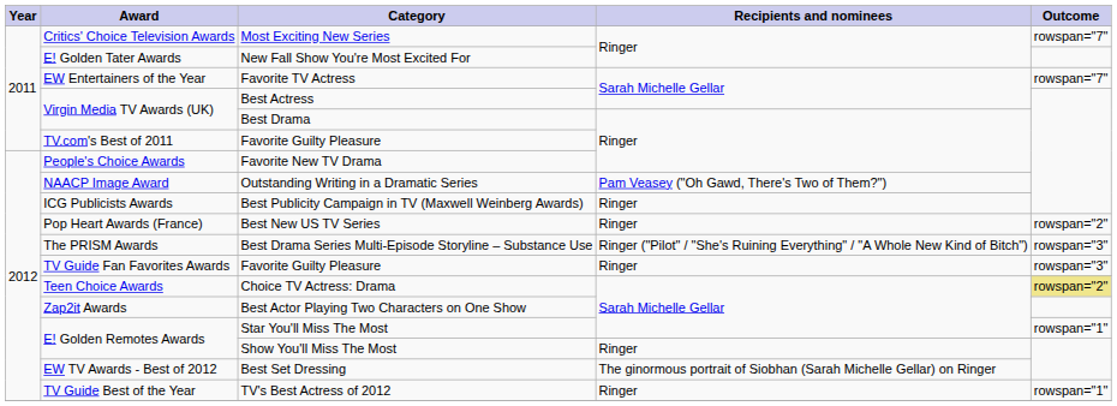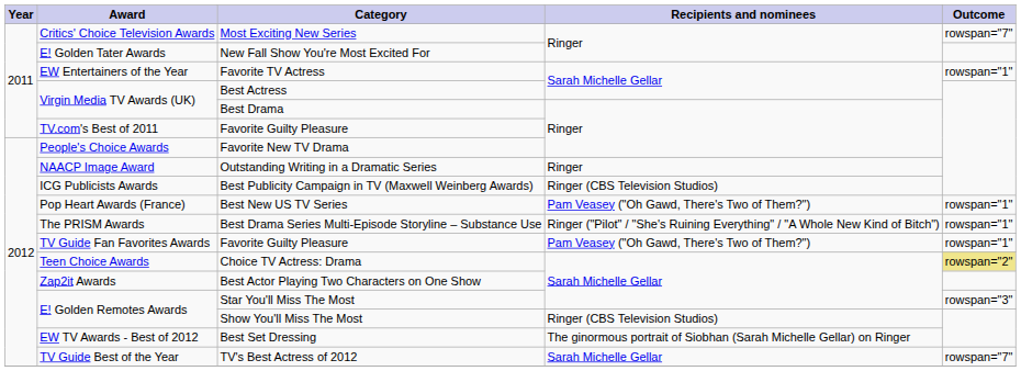 <table class="wikitable" style="font-size: 95%;">
 <tr style="text-align:center;">
 <th style="background:#cce;">Year</th>
 <th style="background:#cce;">Award</th>
 <th style="background:#cce;">Category</th>
 <th style="background:#cce;">Recipients and nominees</th>
 <th style="background:#cce;">Outcome</th>
 </tr>
 <tr>
 <td rowspan="6">2011</td>
 <td><a href='#'>Critics' Choice Television Awards</a></td>
 <td><a href='#'>Most Exciting New Series</a></td>
 <td rowspan="2">Ringer</td>
 <td>rowspan="7" </td>
 </tr>
 <tr>
 <td><a href='#'>E!</a> Golden Tater Awards</td>
 <td>New Fall Show You're Most Excited For</td>
 </tr>
 <tr>
 <td><a href='#'>EW</a> Entertainers of the Year</td>
 <td>Favorite TV Actress</td>
 <td rowspan="2"><a href='#'>Sarah Michelle Gellar</a></td>
-<td>rowspan="7" </td>
+<td>rowspan="1" </td>
 </tr>
 <tr>
 <td rowspan="2"><a href='#'>Virgin Media</a> TV Awards (UK)</td>
 <td>Best Actress</td>
 </tr>
 <tr>
 <td>Best Drama</td>
 <td rowspan="3">Ringer</td>
 </tr>
 <tr>
 <td><a href='#'>TV.com</a>'s Best of 2011</td>
 <td>Favorite Guilty Pleasure</td>
 </tr>
 <tr>
 <td rowspan="12">2012</td>
 <td><a href='#'>People's Choice Awards</a></td>
 <td>Favorite New TV Drama</td>
 </tr>
 <tr>
 <td><a href='#'>NAACP Image Award</a></td>
 <td>Outstanding Writing in a Dramatic Series</td>
-<td><a href='#'>Pam Veasey</a> ("Oh Gawd, There's Two of Them?")</td>
+<td>Ringer</td>
 </tr>
 <tr>
 <td>ICG Publicists Awards</td>
 <td>Best Publicity Campaign in TV (Maxwell Weinberg Awards)</td>
-<td>Ringer</td>
+<td>Ringer (CBS Television Studios)</td>
 </tr>
 <tr>
 <td>Pop Heart Awards (France)</td>
 <td>Best New US TV Series</td>
-<td>Ringer</td>
-<td>rowspan="2" </td>
+<td><a href='#'>Pam Veasey</a> ("Oh Gawd, There's Two of Them?")</td>
+<td>rowspan="1" </td>
 </tr>
 <tr>
 <td>The PRISM Awards</td>
 <td>Best Drama Series Multi-Episode Storyline – Substance Use</td>
 <td>Ringer ("Pilot" / "She's Ruining Everything" / "A Whole New Kind of Bitch")</td>
-<td>rowspan="3" </td>
+<td>rowspan="1" </td>
 </tr>
 <tr>
 <td><a href='#'>TV Guide</a> Fan Favorites Awards</td>
 <td>Favorite Guilty Pleasure</td>
-<td>Ringer</td>
-<td>rowspan="3" </td>
+<td><a href='#'>Pam Veasey</a> ("Oh Gawd, There's Two of Them?")</td>
+<td>rowspan="1" </td>
 </tr>
 <tr>
 <td><a href='#'>Teen Choice Awards</a></td>
 <td>Choice TV Actress: Drama</td>
 <td rowspan="3"><a href='#'>Sarah Michelle Gellar</a></td>
 <td style="background: khaki;">rowspan="2" </td>
 </tr>
 <tr>
 <td><a href='#'>Zap2it</a> Awards</td>
 <td>Best Actor Playing Two Characters on One Show</td>
 </tr>
 <tr>
 <td rowspan="2"><a href='#'>E!</a> Golden Remotes Awards</td>
 <td>Star You'll Miss The Most</td>
-<td>rowspan="1" </td>
+<td>rowspan="3" </td>
 </tr>
 <tr>
 <td>Show You'll Miss The Most</td>
-<td>Ringer</td>
+<td>Ringer (CBS Television Studios)</td>
 </tr>
 <tr>
 <td><a href='#'>EW</a> TV Awards - Best of 2012</td>
 <td>Best Set Dressing</td>
 <td>The ginormous portrait of Siobhan (Sarah Michelle Gellar) on Ringer</td>
 </tr>
 <tr>
 <td><a href='#'>TV Guide</a> Best of the Year</td>
 <td>TV's Best Actress of 2012</td>
-<td>Ringer</td>
-<td>rowspan="1" </td>
+<td><a href='#'>Sarah Michelle Gellar</a></td>
+<td>rowspan="7" </td>
 </tr>
 <tr>
 </tr>
 </table>
